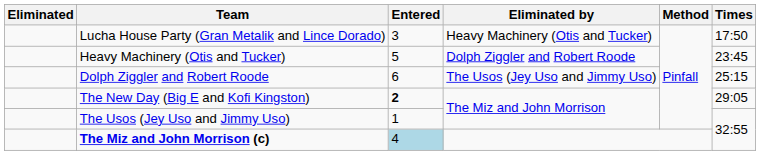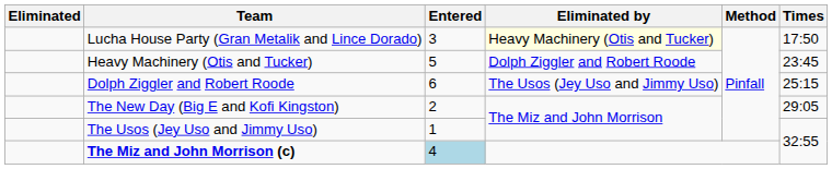 <table class="wikitable sortable">
 <tr>
 <th>Eliminated</th>
 <th>Team</th>
 <th>Entered</th>
 <th>Eliminated by</th>
 <th>Method</th>
 <th>Times</th>
 </tr>
 <tr>
 <td></td>
 <td>Lucha House Party (<a href='#'>Gran Metalik</a> and <a href='#'>Lince Dorado</a>)</td>
 <td>3</td>
-<td>Heavy Machinery (<a href='#'>Otis</a> and <a href='#'>Tucker</a>)</td>
+<td style="background: lightyellow;">Heavy Machinery (<a href='#'>Otis</a> and <a href='#'>Tucker</a>)</td>
 <td rowspan=5><a href='#'>Pinfall</a></td>
 <td>17:50</td>
 </tr>
 <tr>
 <td></td>
 <td>Heavy Machinery (<a href='#'>Otis</a> and <a href='#'>Tucker</a>)</td>
 <td>5</td>
 <td><a href='#'>Dolph Ziggler</a> <a href='#'>and</a> <a href='#'>Robert Roode</a></td>
 <td>23:45</td>
 </tr>
 <tr>
 <td></td>
 <td><a href='#'>Dolph Ziggler</a> <a href='#'>and</a> <a href='#'>Robert Roode</a></td>
 <td>6</td>
 <td><a href='#'>The Usos</a> (<a href='#'>Jey Uso</a> and <a href='#'>Jimmy Uso</a>)</td>
 <td>25:15</td>
 </tr>
 <tr>
 <td></td>
 <td><a href='#'>The New Day</a> (<a href='#'>Big E</a> and <a href='#'>Kofi Kingston</a>)</td>
-<td><strong>2</strong></td>
+<td>2</td>
 <td rowspan=2><a href='#'>The Miz and John Morrison</a></td>
 <td>29:05</td>
 </tr>
 <tr>
 <td></td>
 <td><a href='#'>The Usos</a> (<a href='#'>Jey Uso</a> and <a href='#'>Jimmy Uso</a>)</td>
 <td>1</td>
 <td rowspan=2>32:55</td>
 </tr>
 <tr>
 <td></td>
 <td><strong><a href='#'>The Miz and John Morrison</a> (c)</strong></td>
 <td style="background: lightblue;">4</td>
 <td colspan="2"></td>
 </tr>
 </table>
